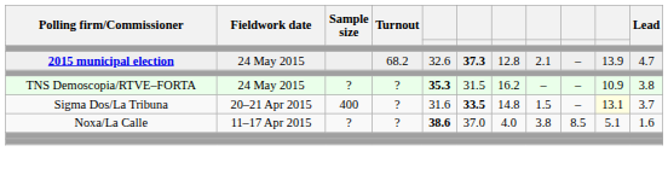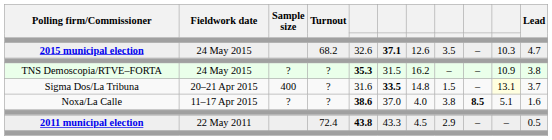 <table class="wikitable collapsible collapsed" style="text-align:center; font-size:95%; line-height:16px;">
 <tr style="height:42px;">
 <th style="width:250px;" rowspan="2">Polling firm/Commissioner</th>
 <th style="width:125px;" rowspan="2">Fieldwork date</th>
 <th style="width:50px;" rowspan="2">Sample size</th>
 <th style="width:45px;" rowspan="2">Turnout</th>
 <th style="width:35px;"></th>
 <th style="width:35px;"></th>
 <th style="width:35px;"></th>
 <th style="width:35px;"></th>
 <th style="width:35px;"></th>
 <th style="width:35px;"></th>
 <th style="width:30px;" rowspan="2">Lead</th>
 </tr>
 <tr>
 <th style="color:inherit;background:"></th>
 <th style="color:inherit;background:"></th>
 <th style="color:inherit;background:"></th>
 <th style="color:inherit;background:"></th>
 <th style="color:inherit;background:"></th>
 <th style="color:inherit;background:"></th>
 </tr>
 <tr>
 <td colspan="11" style="background:#A0A0A0"></td>
 </tr>
 <tr style="background:#EFEFEF;">
 <td><strong><a href='#'>2015 municipal election</a></strong></td>
 <td>24 May 2015</td>
 <td></td>
 <td>68.2</td>
 <td>32.6<br></td>
-<td><strong>37.3</strong><br></td>
-<td>12.8<br></td>
-<td>2.1<br></td>
+<td><strong>37.1</strong><br></td>
+<td>12.6<br></td>
+<td>3.5<br></td>
 <td>–</td>
-<td>13.9<br></td>
+<td>10.3<br></td>
 <td style="background:">4.7</td>
 </tr>
 <tr>
 <td colspan="11" style="background:#A0A0A0"></td>
 </tr>
 <tr style="background:#EAFFEA;">
 <td>TNS Demoscopia/RTVE–FORTA</td>
 <td>24 May 2015</td>
 <td>?</td>
 <td>?</td>
 <td><strong>35.3</strong><br></td>
 <td>31.5<br></td>
 <td>16.2<br></td>
 <td>–</td>
 <td>–</td>
 <td>10.9<br></td>
 <td style="background:">3.8</td>
 </tr>
 <tr>
 <td>Sigma Dos/La Tribuna</td>
 <td>20–21 Apr 2015</td>
 <td>400</td>
 <td>?</td>
 <td>31.6<br></td>
 <td><strong>33.5</strong><br></td>
 <td>14.8<br></td>
 <td>1.5<br></td>
 <td>–</td>
 <td style="background: lightyellow;">13.1<br></td>
 <td style="background:">3.7</td>
 </tr>
 <tr>
 <td>Noxa/La Calle</td>
 <td>11–17 Apr 2015</td>
 <td>?</td>
 <td>?</td>
 <td><strong>38.6</strong></td>
 <td>37.0</td>
 <td>4.0</td>
 <td>3.8</td>
-<td>8.5</td>
+<td><strong>8.5</strong></td>
 <td>5.1</td>
 <td style="background:">1.6</td>
 </tr>
 <tr>
 <td colspan="11" style="background:#A0A0A0"></td>
 </tr>
+<tr style="background:#EFEFEF;">
+<td><strong><a href='#'>2011 municipal election</a></strong></td>
+<td>22 May 2011</td>
+<td></td>
+<td>72.4</td>
+<td><strong>43.8</strong><br></td>
+<td>43.3<br></td>
+<td>4.5<br></td>
+<td>2.9<br></td>
+<td>–</td>
+<td>–</td>
+<td style="background:">0.5</td>
+</tr>
 <tr>
 <td colspan="11" style="background:#A0A0A0"></td>
 </tr>
 </table>
